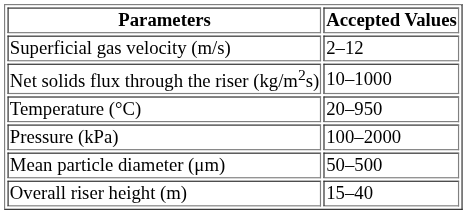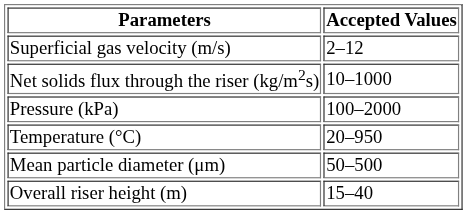 <table border="1" class="Typical operational condition for circulating fluidized bed in commercial use">
 <tr>
 <th>Parameters</th>
 <th>Accepted Values</th>
 </tr>
 <tr>
 <td>Superficial gas velocity (m/s)</td>
 <td>2–12</td>
 </tr>
 <tr>
 <td>Net solids flux through the riser (kg/m<sup>2</sup>s)</td>
 <td>10–1000</td>
 </tr>
 <tr>
+<td>Pressure (kPa)</td>
+<td>100–2000</td>
+</tr>
+<tr>
 <td>Temperature (°C)</td>
 <td>20–950</td>
-</tr>
-<tr>
-<td>Pressure (kPa)</td>
-<td>100–2000</td>
 </tr>
 <tr>
 <td>Mean particle diameter (μm)</td>
 <td>50–500</td>
 </tr>
 <tr>
 <td>Overall riser height (m)</td>
 <td>15–40</td>
 </tr>
 </table>
